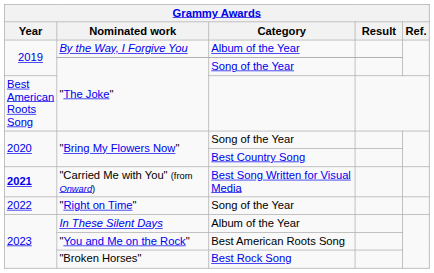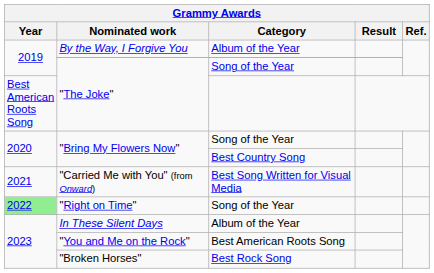 <table class="wikitable">
 <tr>
 <th colspan="5" align="center"><a href='#'>Grammy Awards</a></th>
 </tr>
 <tr>
 <th scope="col" style="width:1em;">Year</th>
 <th scope="col" style="width:25em;">Nominated work</th>
 <th scope="col" style="width:25em;">Category</th>
 <th scope="col" style="width:5em;">Result</th>
 <th scope="col" style="width:1em;">Ref.</th>
 </tr>
 <tr>
 <td rowspan="3" align="center"><a href='#'>2019</a></td>
 <td><em><a href='#'>By the Way, I Forgive You</a></em></td>
 <td align="left"><a href='#'>Album of the Year</a></td>
 <td></td>
 <td rowspan="3" align="center"></td>
 </tr>
 <tr>
 </tr>
 <tr>
 <td rowspan=2>"<a href='#'>The Joke</a>"</td>
 <td align="left"><a href='#'>Song of the Year</a></td>
 <td></td>
 </tr>
 <tr>
 <td align="left"><a href='#'>Best American Roots Song</a></td>
 <td></td>
 </tr>
 <tr>
 <td rowspan=2><a href='#'>2020</a></td>
 <td rowspan=2>"<a href='#'>Bring My Flowers Now</a>"</td>
 <td align="left">Song of the Year</td>
 <td></td>
 <td rowspan="2" align="center"></td>
 </tr>
 <tr>
 <td align="left"><a href='#'>Best Country Song</a></td>
 <td></td>
 </tr>
 <tr>
-<td><strong><a href='#'>2021</a></strong></td>
+<td><a href='#'>2021</a></td>
 <td>"Carried Me with You" <small>(from <em><a href='#'>Onward</a></em>)</small></td>
 <td align="left"><a href='#'>Best Song Written for Visual Media</a></td>
 <td></td>
 <td align="center"></td>
 </tr>
 <tr>
-<td><a href='#'>2022</a></td>
+<td style="background: lightgreen;"><a href='#'>2022</a></td>
 <td>"<a href='#'>Right on Time</a>"</td>
 <td align="left">Song of the Year</td>
 <td></td>
 <td align="center"></td>
 </tr>
 <tr>
 <td rowspan=3><a href='#'>2023</a></td>
 <td><em><a href='#'>In These Silent Days</a></em></td>
 <td align="left">Album of the Year</td>
 <td></td>
 <td rowspan="3" align="center"></td>
 </tr>
 <tr>
 <td>"<a href='#'>You and Me on the Rock</a>"</td>
 <td align="left">Best American Roots Song</td>
 <td></td>
 </tr>
 <tr>
 <td>"Broken Horses"</td>
 <td align="left"><a href='#'>Best Rock Song</a></td>
 <td></td>
 </tr>
 </table>
